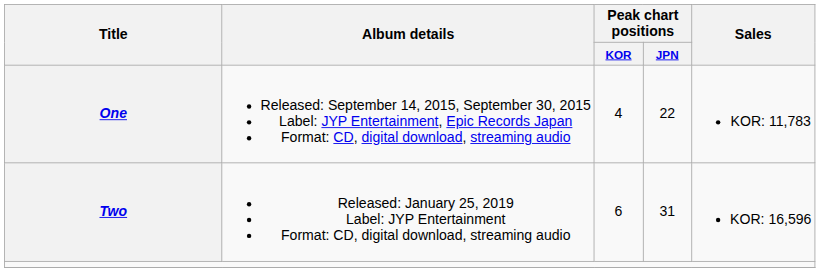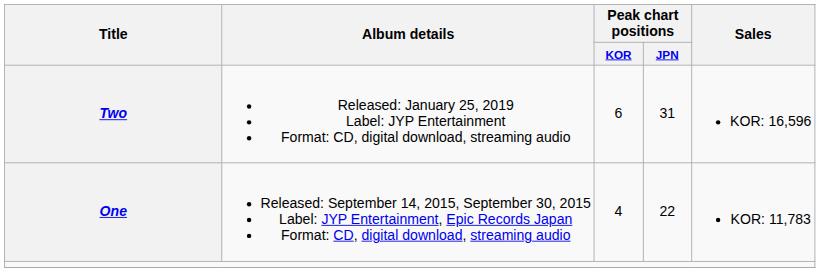 <table class="wikitable plainrowheaders" style="text-align:center;">
 <tr>
 <th scope="col" rowspan="2" style="width:15em;">Title</th>
 <th scope="col" rowspan="2">Album details</th>
 <th colspan="2" scope="col">Peak chart positions</th>
 <th scope="col" rowspan="2">Sales</th>
 </tr>
 <tr>
 <th scope="col" style="width:3em"><small><a href='#'>KOR</a></small><br></th>
 <th scope="col" style="width:3em"><small><a href='#'>JPN</a></small><br></th>
 </tr>
 <tr>
+<th scope="row"><em><a href='#'>Two</a></em></th>
+<td><br><ul><li>Released: January 25, 2019 </li><li>Label: JYP Entertainment</li><li>Format: CD, digital download, streaming audio</li></ul></td>
+<td>6</td>
+<td>31</td>
+<td><br><ul><li>KOR: 16,596</li></ul></td>
+</tr>
+<tr>
 <th scope="row"><em><a href='#'>One</a></em></th>
 <td><br><ul><li>Released: September 14, 2015, September 30, 2015 </li><li>Label: <a href='#'>JYP Entertainment</a>, <a href='#'>Epic Records Japan</a> </li><li>Format: <a href='#'>CD</a>, <a href='#'>digital download</a>, <a href='#'>streaming audio</a></li></ul> </td>
 <td>4</td>
 <td>22</td>
 <td><br><ul><li>KOR: 11,783</li></ul></td>
 </tr>
 <tr>
-<th scope="row"><em><a href='#'>Two</a></em></th>
-<td><br><ul><li>Released: January 25, 2019 </li><li>Label: JYP Entertainment</li><li>Format: CD, digital download, streaming audio</li></ul></td>
-<td>6</td>
-<td>31</td>
-<td><br><ul><li>KOR: 16,596</li></ul></td>
-</tr>
-<tr>
 <td colspan="5"></td>
 </tr>
 <tr>
 </tr>
 </table>
